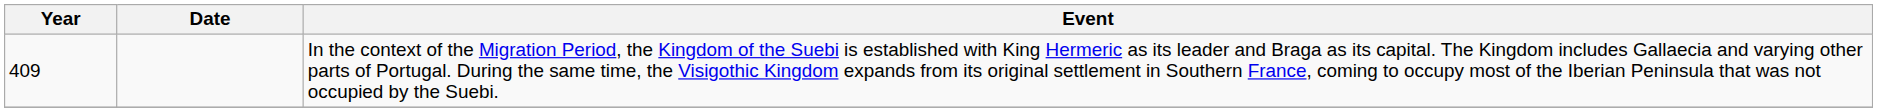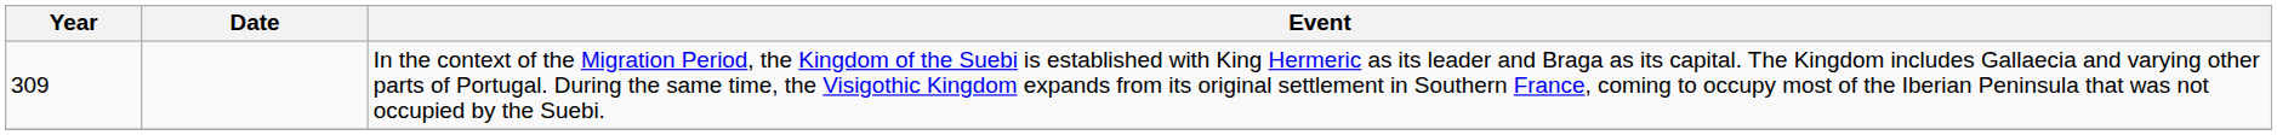 <table class="wikitable" width="100%">
 <tr>
 <th style="width:6%">Year</th>
 <th style="width:10%">Date</th>
 <th>Event</th>
 </tr>
 <tr>
-<td>409</td>
+<td>309</td>
 <td></td>
 <td>In the context of the <a href='#'>Migration Period</a>, the <a href='#'>Kingdom of the Suebi</a> is established with King <a href='#'>Hermeric</a> as its leader and Braga as its capital. The Kingdom includes Gallaecia and varying other parts of Portugal. During the same time, the <a href='#'>Visigothic Kingdom</a> expands from its original settlement in Southern <a href='#'>France</a>, coming to occupy most of the Iberian Peninsula that was not occupied by the Suebi.</td>
 </tr>
 <tr>
 </tr>
 </table>
